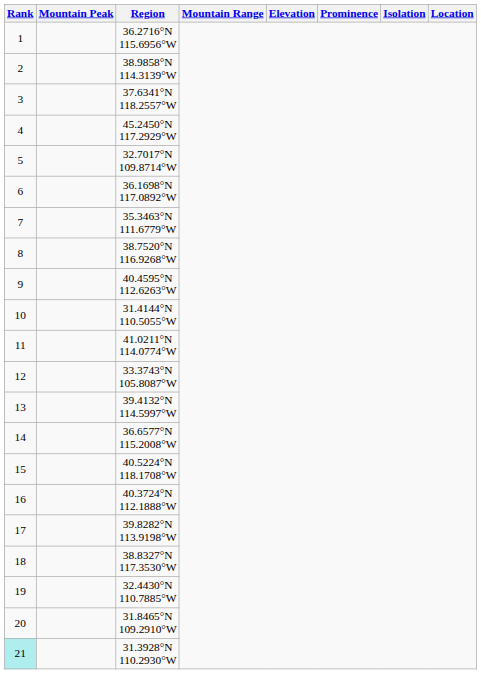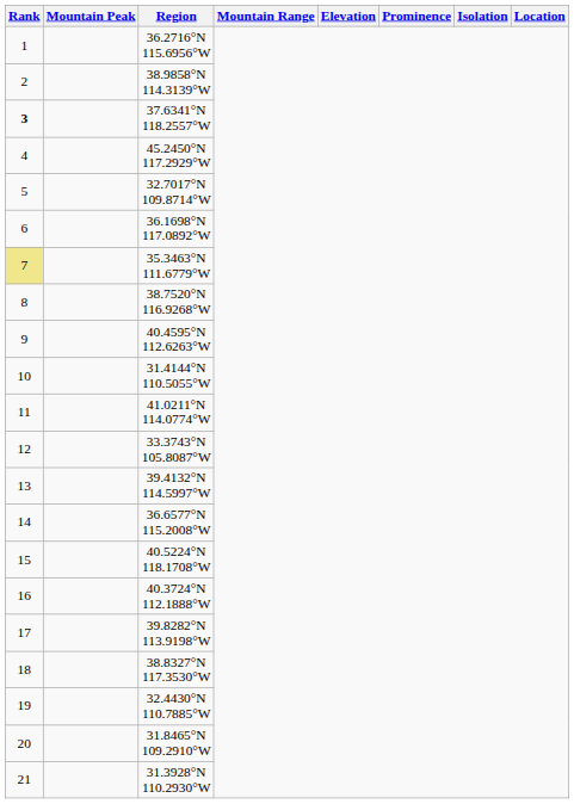 <table class="wikitable sortable">
 <tr>
 <th><a href='#'>Rank</a></th>
 <th><a href='#'>Mountain Peak</a></th>
 <th><a href='#'>Region</a></th>
 <th><a href='#'>Mountain Range</a></th>
 <th><a href='#'>Elevation</a></th>
 <th><a href='#'>Prominence</a></th>
 <th><a href='#'>Isolation</a></th>
 <th><a href='#'>Location</a></th>
 </tr>
 <tr>
 <td align=center>1<br></td>
 <td><br> </td>
 <td align=center>36.2716°N<br>115.6956°W</td>
 </tr>
 <tr>
 <td align=center>2<br></td>
 <td><br> </td>
 <td align=center>38.9858°N<br>114.3139°W</td>
 </tr>
 <tr>
-<td align=center>3<br></td>
+<td align=center><strong>3<br></strong></td>
 <td><br> </td>
 <td align=center>37.6341°N<br>118.2557°W</td>
 </tr>
 <tr>
 <td align=center>4<br></td>
 <td><br> </td>
 <td align=center>45.2450°N<br>117.2929°W</td>
 </tr>
 <tr>
 <td align=center>5<br></td>
 <td><br> </td>
 <td align=center>32.7017°N<br>109.8714°W</td>
 </tr>
 <tr>
 <td align=center>6<br></td>
 <td><br> </td>
 <td align=center>36.1698°N<br>117.0892°W</td>
 </tr>
 <tr>
-<td align=center>7<br></td>
+<td align=center style="background: khaki;">7<br></td>
 <td><br> </td>
 <td align=center>35.3463°N<br>111.6779°W</td>
 </tr>
 <tr>
 <td align=center>8<br></td>
 <td><br> </td>
 <td align=center>38.7520°N<br>116.9268°W</td>
 </tr>
 <tr>
 <td align=center>9<br></td>
 <td><br> </td>
 <td align=center>40.4595°N<br>112.6263°W</td>
 </tr>
 <tr>
 <td align=center>10<br></td>
 <td><br> </td>
 <td align=center>31.4144°N<br>110.5055°W</td>
 </tr>
 <tr>
 <td align=center>11<br></td>
 <td><br> </td>
 <td align=center>41.0211°N<br>114.0774°W</td>
 </tr>
 <tr>
 <td align=center>12<br></td>
 <td><br> </td>
 <td align=center>33.3743°N<br>105.8087°W</td>
 </tr>
 <tr>
 <td align=center>13<br></td>
 <td><br> </td>
 <td align=center>39.4132°N<br>114.5997°W</td>
 </tr>
 <tr>
 <td align=center>14<br></td>
 <td><br> </td>
 <td align=center>36.6577°N<br>115.2008°W</td>
 </tr>
 <tr>
 <td align=center>15<br></td>
 <td><br> </td>
 <td align=center>40.5224°N<br>118.1708°W</td>
 </tr>
 <tr>
 <td align=center>16<br></td>
 <td><br> </td>
 <td align=center>40.3724°N<br>112.1888°W</td>
 </tr>
 <tr>
 <td align=center>17<br></td>
 <td><br> </td>
 <td align=center>39.8282°N<br>113.9198°W</td>
 </tr>
 <tr>
 <td align=center>18<br></td>
 <td><br> </td>
 <td align=center>38.8327°N<br>117.3530°W</td>
 </tr>
 <tr>
 <td align=center>19<br></td>
 <td><br> </td>
 <td align=center>32.4430°N<br>110.7885°W</td>
 </tr>
 <tr>
 <td align=center>20<br></td>
 <td><br> </td>
 <td align=center>31.8465°N<br>109.2910°W</td>
 </tr>
 <tr>
-<td align=center style="background: paleturquoise;">21<br></td>
+<td align=center>21<br></td>
 <td><br> </td>
 <td align=center>31.3928°N<br>110.2930°W</td>
 </tr>
 </table>
